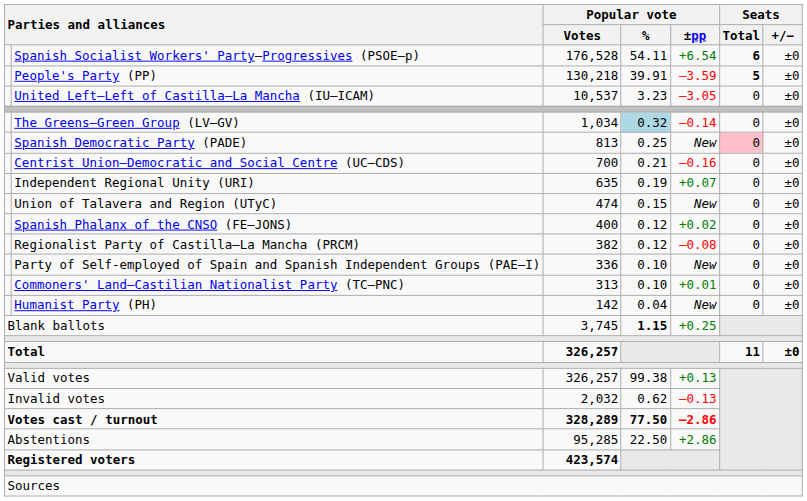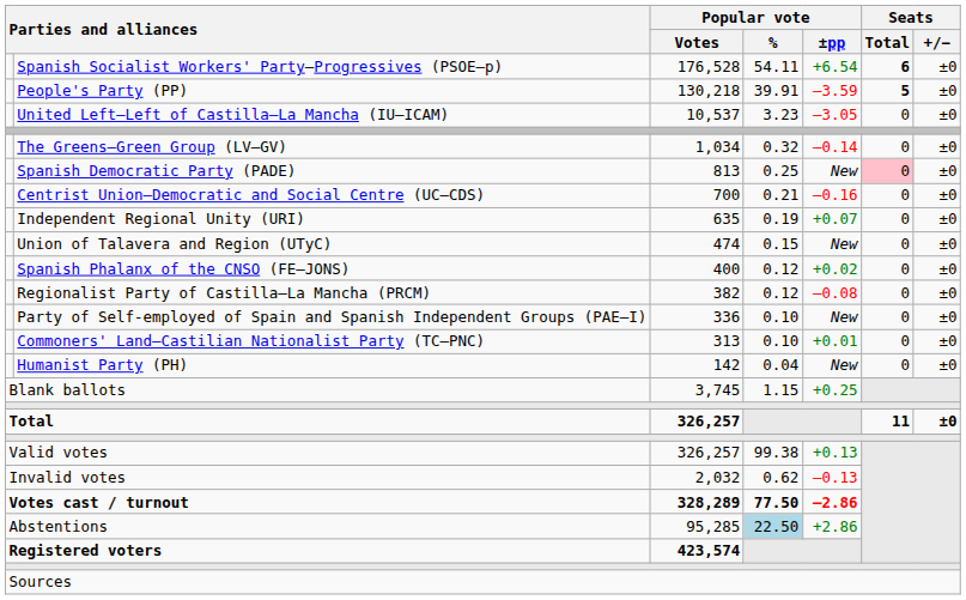 <table class="wikitable" style="text-align:right;">
 <tr>
 <th style="text-align:left;" rowspan="2" colspan="2" width="525">Parties and alliances</th>
 <th colspan="3">Popular vote</th>
 <th colspan="2">Seats</th>
 </tr>
 <tr>
 <th width="75">Votes</th>
 <th width="45">%</th>
 <th width="45">±<a href='#'>pp</a></th>
 <th width="35">Total</th>
 <th width="35">+/−</th>
 </tr>
 <tr>
 <td width="1" style="color:inherit;background:"></td>
 <td align="left"><a href='#'>Spanish Socialist Workers' Party</a>–<a href='#'>Progressives</a> (PSOE–p)</td>
 <td>176,528</td>
 <td>54.11</td>
 <td style="color:green;">+6.54</td>
 <td><strong>6</strong></td>
 <td>±0</td>
 </tr>
 <tr>
 <td style="color:inherit;background:"></td>
 <td align="left"><a href='#'>People's Party</a> (PP)</td>
 <td>130,218</td>
 <td>39.91</td>
 <td style="color:red;">–3.59</td>
 <td><strong>5</strong></td>
 <td>±0</td>
 </tr>
 <tr>
 <td style="color:inherit;background:"></td>
 <td align="left"><a href='#'>United Left–Left of Castilla–La Mancha</a> (IU–ICAM)</td>
 <td>10,537</td>
 <td>3.23</td>
 <td style="color:red;">–3.05</td>
 <td>0</td>
 <td>±0</td>
 </tr>
 <tr>
 <td colspan="7" bgcolor="#C0C0C0"></td>
 </tr>
 <tr>
 <td style="color:inherit;background:"></td>
 <td align="left"><a href='#'>The Greens–Green Group</a> (LV–GV)</td>
 <td>1,034</td>
-<td style="background: lightblue;">0.32</td>
+<td>0.32</td>
 <td style="color:red;">–0.14</td>
 <td>0</td>
 <td>±0</td>
 </tr>
 <tr>
 <td style="color:inherit;background:"></td>
 <td align="left"><a href='#'>Spanish Democratic Party</a> (PADE)</td>
 <td>813</td>
 <td>0.25</td>
 <td><em>New</em></td>
 <td style="background: pink;">0</td>
 <td>±0</td>
 </tr>
 <tr>
 <td style="color:inherit;background:"></td>
 <td align="left"><a href='#'>Centrist Union–Democratic and Social Centre</a> (UC–CDS)</td>
 <td>700</td>
 <td>0.21</td>
 <td style="color:red;">–0.16</td>
 <td>0</td>
 <td>±0</td>
 </tr>
 <tr>
 <td style="color:inherit;background:"></td>
 <td align="left">Independent Regional Unity (URI)</td>
 <td>635</td>
 <td>0.19</td>
 <td style="color:green;">+0.07</td>
 <td>0</td>
 <td>±0</td>
 </tr>
 <tr>
 <td style="color:inherit;background:"></td>
 <td align="left">Union of Talavera and Region (UTyC)</td>
 <td>474</td>
 <td>0.15</td>
 <td><em>New</em></td>
 <td>0</td>
 <td>±0</td>
 </tr>
 <tr>
 <td style="color:inherit;background:"></td>
 <td align="left"><a href='#'>Spanish Phalanx of the CNSO</a> (FE–JONS)</td>
 <td>400</td>
 <td>0.12</td>
 <td style="color:green;">+0.02</td>
 <td>0</td>
 <td>±0</td>
 </tr>
 <tr>
 <td style="color:inherit;background:"></td>
 <td align="left">Regionalist Party of Castilla–La Mancha (PRCM)</td>
 <td>382</td>
 <td>0.12</td>
 <td style="color:red;">–0.08</td>
 <td>0</td>
 <td>±0</td>
 </tr>
 <tr>
 <td style="color:inherit;background:"></td>
 <td align="left">Party of Self-employed of Spain and Spanish Independent Groups (PAE–I)</td>
 <td>336</td>
 <td>0.10</td>
 <td><em>New</em></td>
 <td>0</td>
 <td>±0</td>
 </tr>
 <tr>
 <td style="color:inherit;background:"></td>
 <td align="left"><a href='#'>Commoners' Land–Castilian Nationalist Party</a> (TC–PNC)</td>
 <td>313</td>
 <td>0.10</td>
 <td style="color:green;">+0.01</td>
 <td>0</td>
 <td>±0</td>
 </tr>
 <tr>
 <td style="color:inherit;background:"></td>
 <td align="left"><a href='#'>Humanist Party</a> (PH)</td>
 <td>142</td>
 <td>0.04</td>
 <td><em>New</em></td>
 <td>0</td>
 <td>±0</td>
 </tr>
 <tr>
 <td align="left" colspan="2">Blank ballots</td>
 <td>3,745</td>
-<td><strong>1.15</strong></td>
+<td>1.15</td>
 <td style="color:green;">+0.25</td>
 <td bgcolor="#E9E9E9" colspan="2"></td>
 </tr>
 <tr>
 <td colspan="7" bgcolor="#E9E9E9"></td>
 </tr>
 <tr style="font-weight:bold;">
 <td align="left" colspan="2">Total</td>
 <td>326,257</td>
 <td bgcolor="#E9E9E9" colspan="2"></td>
 <td>11</td>
 <td>±0</td>
 </tr>
 <tr>
 <td colspan="7" bgcolor="#E9E9E9"></td>
 </tr>
 <tr>
 <td align="left" colspan="2">Valid votes</td>
 <td>326,257</td>
 <td>99.38</td>
 <td style="color:green;">+0.13</td>
 <td bgcolor="#E9E9E9" colspan="2" rowspan="5"></td>
 </tr>
 <tr>
 <td align="left" colspan="2">Invalid votes</td>
 <td>2,032</td>
 <td>0.62</td>
 <td style="color:red;">–0.13</td>
 </tr>
 <tr style="font-weight:bold;">
 <td align="left" colspan="2">Votes cast / turnout</td>
 <td>328,289</td>
 <td>77.50</td>
 <td style="color:red;">–2.86</td>
 </tr>
 <tr>
 <td align="left" colspan="2">Abstentions</td>
 <td>95,285</td>
-<td>22.50</td>
+<td style="background: lightblue;">22.50</td>
 <td style="color:green;">+2.86</td>
 </tr>
 <tr style="font-weight:bold;">
 <td align="left" colspan="2">Registered voters</td>
 <td>423,574</td>
 <td bgcolor="#E9E9E9" colspan="2"></td>
 </tr>
 <tr>
 <td colspan="7" bgcolor="#E9E9E9"></td>
 </tr>
 <tr>
 <td align="left" colspan="7">Sources</td>
 </tr>
 </table>
